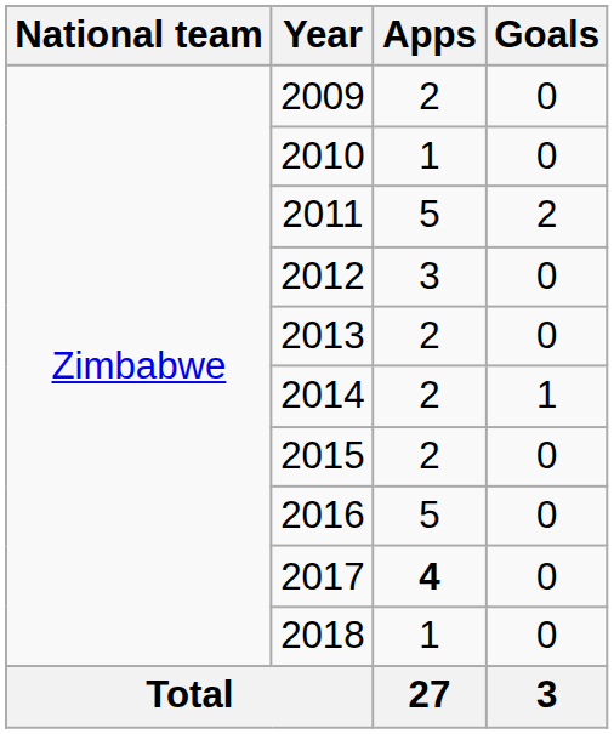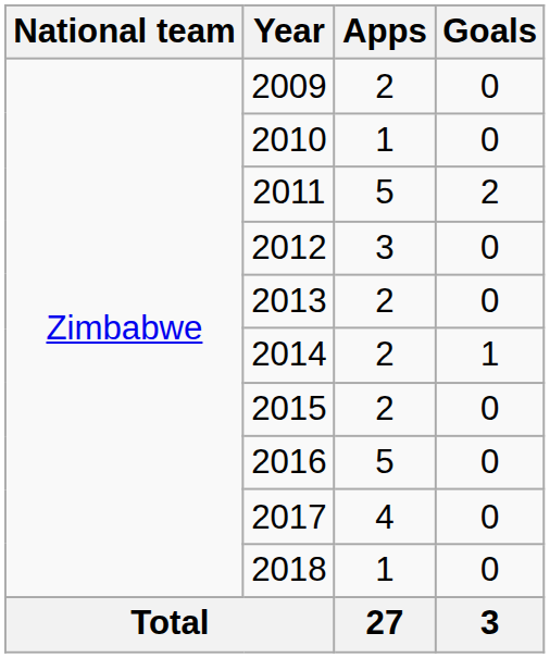 <table class="wikitable" style="text-align:center">
 <tr>
 <th>National team</th>
 <th>Year</th>
 <th>Apps</th>
 <th>Goals</th>
 </tr>
 <tr>
 <td rowspan="10"><a href='#'>Zimbabwe</a></td>
 <td>2009</td>
 <td>2</td>
 <td>0</td>
 </tr>
 <tr>
 <td>2010</td>
 <td>1</td>
 <td>0</td>
 </tr>
 <tr>
 <td>2011</td>
 <td>5</td>
 <td>2</td>
 </tr>
 <tr>
 <td>2012</td>
 <td>3</td>
 <td>0</td>
 </tr>
 <tr>
 <td>2013</td>
 <td>2</td>
 <td>0</td>
 </tr>
 <tr>
 <td>2014</td>
 <td>2</td>
 <td>1</td>
 </tr>
 <tr>
 <td>2015</td>
 <td>2</td>
 <td>0</td>
 </tr>
 <tr>
 <td>2016</td>
 <td>5</td>
 <td>0</td>
 </tr>
 <tr>
 <td>2017</td>
-<td><strong>4</strong></td>
+<td>4</td>
 <td>0</td>
 </tr>
 <tr>
 <td>2018</td>
 <td>1</td>
 <td>0</td>
 </tr>
 <tr>
 <th colspan=2>Total</th>
 <th>27</th>
 <th>3</th>
 </tr>
 </table>
